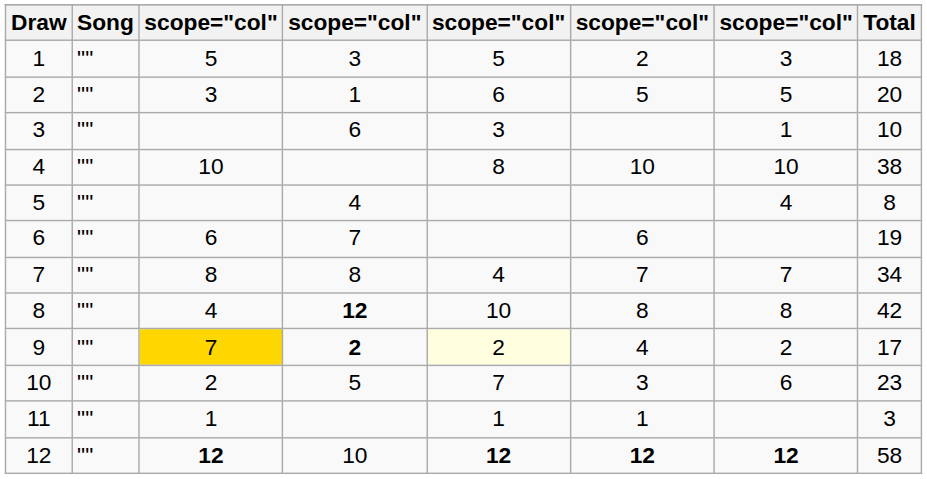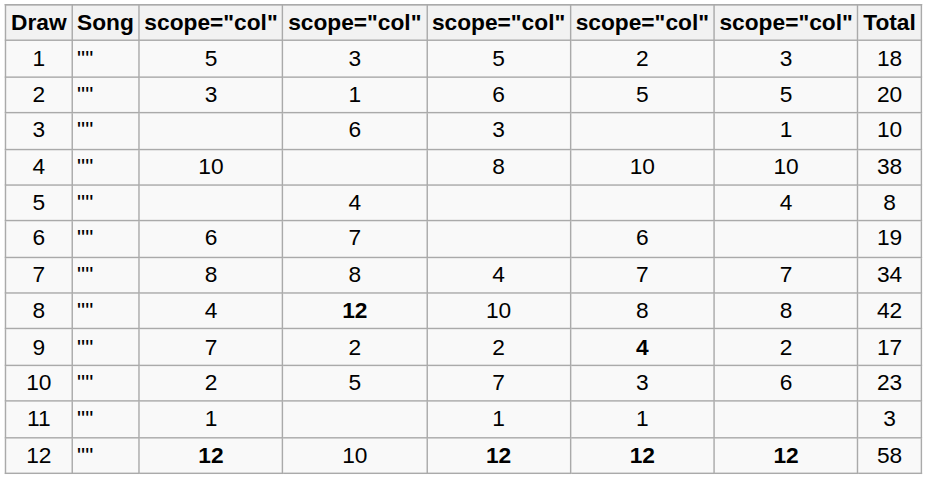 <table class="wikitable collapsible" style="margin: 1em auto 1em auto; text-align:center;">
 <tr>
 </tr>
 <tr>
 <th>Draw</th>
 <th>Song</th>
 <th>scope="col" </th>
 <th>scope="col" </th>
 <th>scope="col" </th>
 <th>scope="col" </th>
 <th>scope="col" </th>
 <th>Total</th>
 </tr>
 <tr>
 <td>1</td>
 <td align="left">""</td>
 <td>5</td>
 <td>3</td>
 <td>5</td>
 <td>2</td>
 <td>3</td>
 <td>18</td>
 </tr>
 <tr>
 <td>2</td>
 <td align="left">""</td>
 <td>3</td>
 <td>1</td>
 <td>6</td>
 <td>5</td>
 <td>5</td>
 <td>20</td>
 </tr>
 <tr>
 <td>3</td>
 <td align="left">""</td>
 <td></td>
 <td>6</td>
 <td>3</td>
 <td></td>
 <td>1</td>
 <td>10</td>
 </tr>
 <tr>
 <td>4</td>
 <td align="left">""</td>
 <td>10</td>
 <td></td>
 <td>8</td>
 <td>10</td>
 <td>10</td>
 <td>38</td>
 </tr>
 <tr>
 <td>5</td>
 <td align="left">""</td>
 <td></td>
 <td>4</td>
 <td></td>
 <td></td>
 <td>4</td>
 <td>8</td>
 </tr>
 <tr>
 <td>6</td>
 <td align="left">""</td>
 <td>6</td>
 <td>7</td>
 <td></td>
 <td>6</td>
 <td></td>
 <td>19</td>
 </tr>
 <tr>
 <td>7</td>
 <td align="left">""</td>
 <td>8</td>
 <td>8</td>
 <td>4</td>
 <td>7</td>
 <td>7</td>
 <td>34</td>
 </tr>
 <tr>
 <td>8</td>
 <td align="left">""</td>
 <td>4</td>
 <td><strong>12</strong></td>
 <td>10</td>
 <td>8</td>
 <td>8</td>
 <td>42</td>
 </tr>
 <tr>
 <td>9</td>
 <td align="left">""</td>
-<td style="background: gold;">7</td>
-<td><strong>2</strong></td>
-<td style="background: lightyellow;">2</td>
-<td>4</td>
+<td>7</td>
+<td>2</td>
+<td>2</td>
+<td><strong>4</strong></td>
 <td>2</td>
 <td>17</td>
 </tr>
 <tr>
 <td>10</td>
 <td align="left">""</td>
 <td>2</td>
 <td>5</td>
 <td>7</td>
 <td>3</td>
 <td>6</td>
 <td>23</td>
 </tr>
 <tr>
 <td>11</td>
 <td align="left">""</td>
 <td>1</td>
 <td></td>
 <td>1</td>
 <td>1</td>
 <td></td>
 <td>3</td>
 </tr>
 <tr>
 <td>12</td>
 <td align="left">""</td>
 <td><strong>12</strong></td>
 <td>10</td>
 <td><strong>12</strong></td>
 <td><strong>12</strong></td>
 <td><strong>12</strong></td>
 <td>58</td>
 </tr>
 </table>
